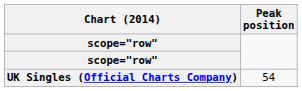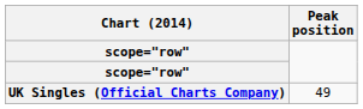 <table class="wikitable sortable plainrowheaders" style="text-align: center;">
 <tr>
 <th scope="col">Chart (2014)</th>
 <th scope="col">Peak<br>position</th>
 </tr>
 <tr>
 <th>scope="row" </th>
 </tr>
 <tr>
 <th>scope="row" </th>
 </tr>
 <tr>
 <th scope="row">UK Singles (<a href='#'>Official Charts Company</a>)</th>
-<td>54</td>
+<td>49</td>
 </tr>
 </table>
